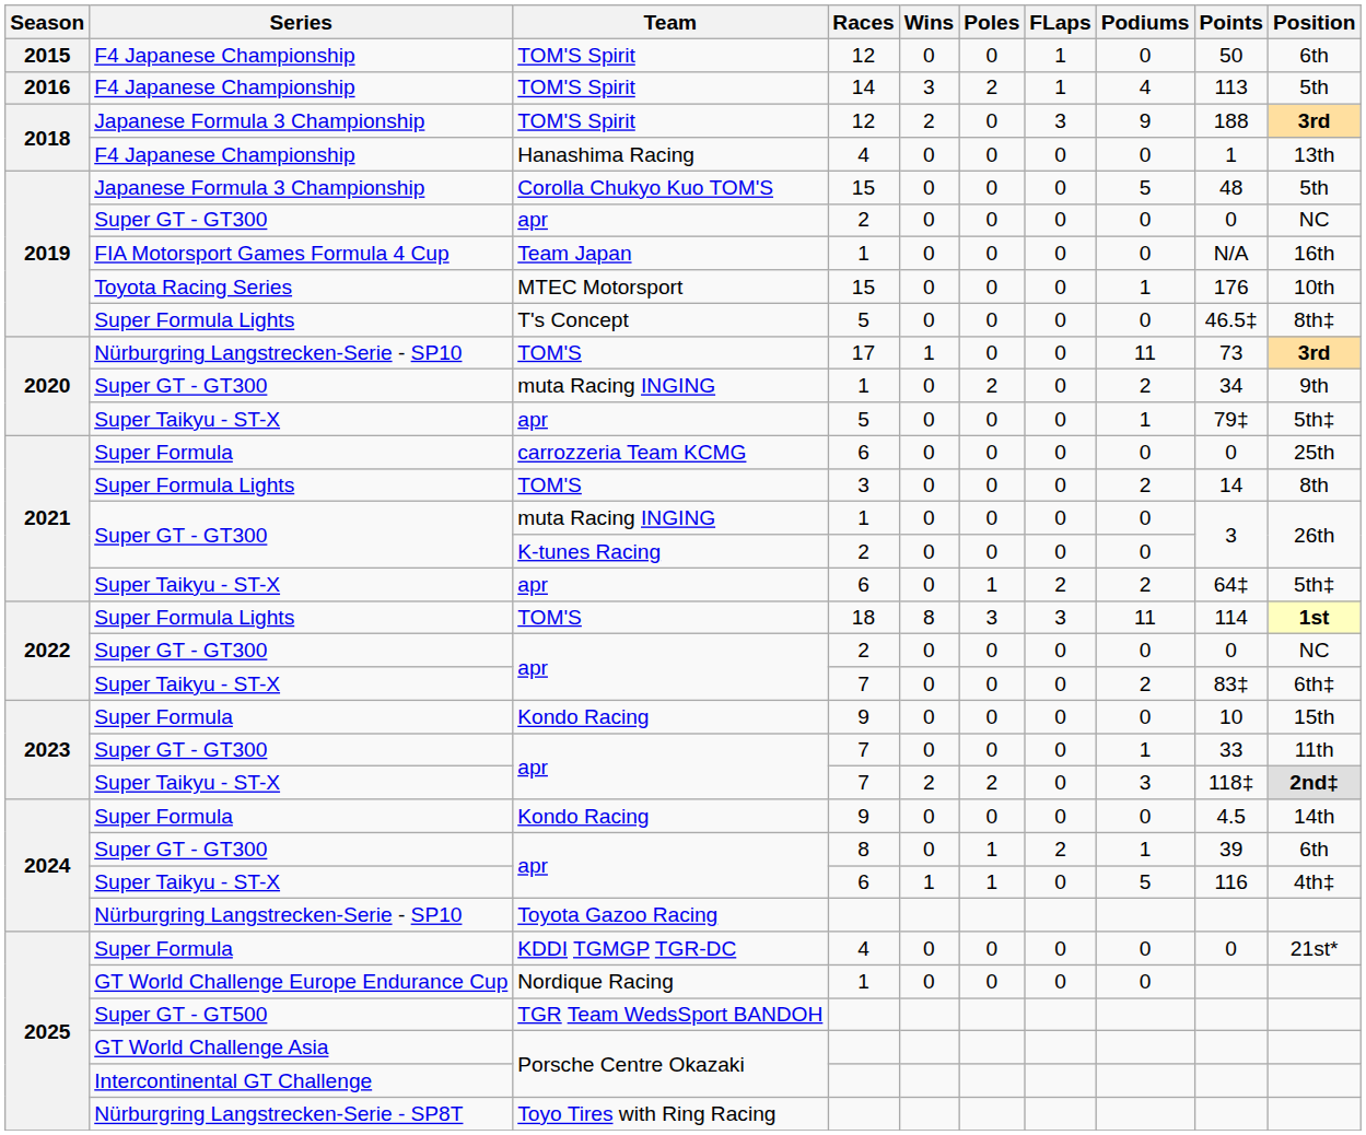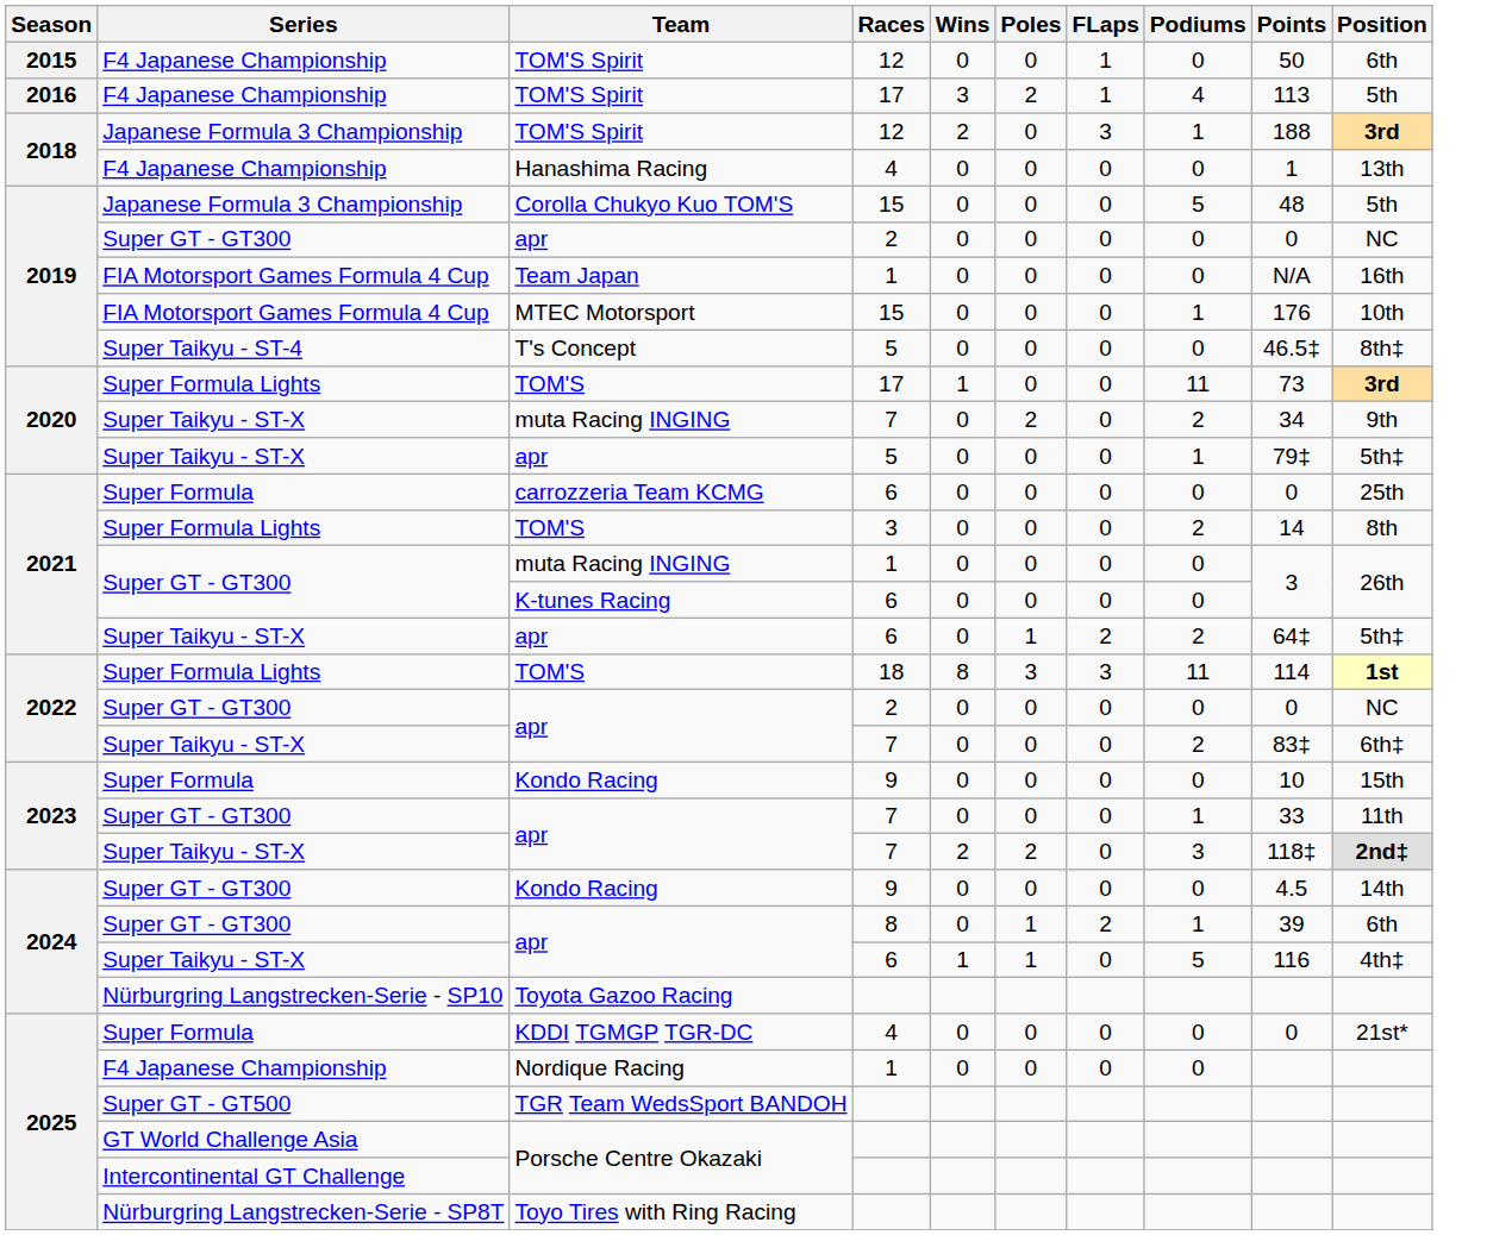 <table class="wikitable" style="font-size: 90%; text-align:center">
 <tr>
 <th>Season</th>
 <th>Series</th>
 <th>Team</th>
 <th>Races</th>
 <th>Wins</th>
 <th>Poles</th>
 <th>FLaps</th>
 <th>Podiums</th>
 <th>Points</th>
 <th>Position</th>
 </tr>
 <tr>
 <th>2015</th>
 <td align=left><a href='#'>F4 Japanese Championship</a></td>
 <td align=left><a href='#'>TOM'S Spirit</a></td>
 <td>12</td>
 <td>0</td>
 <td>0</td>
 <td>1</td>
 <td>0</td>
 <td>50</td>
 <td>6th</td>
 </tr>
 <tr>
 <th>2016</th>
 <td align=left><a href='#'>F4 Japanese Championship</a></td>
 <td align=left><a href='#'>TOM'S Spirit</a></td>
-<td>14</td>
+<td>17</td>
 <td>3</td>
 <td>2</td>
 <td>1</td>
 <td>4</td>
 <td>113</td>
 <td>5th</td>
 </tr>
 <tr>
 <th rowspan=2>2018</th>
 <td align=left><a href='#'>Japanese Formula 3 Championship</a></td>
 <td align=left><a href='#'>TOM'S Spirit</a></td>
 <td>12</td>
 <td>2</td>
 <td>0</td>
 <td>3</td>
-<td>9</td>
+<td>1</td>
 <td>188</td>
 <td style="background:#FFDF9F"><strong>3rd</strong></td>
 </tr>
 <tr>
 <td align=left><a href='#'>F4 Japanese Championship</a></td>
 <td align=left>Hanashima Racing</td>
 <td>4</td>
 <td>0</td>
 <td>0</td>
 <td>0</td>
 <td>0</td>
 <td>1</td>
 <td>13th</td>
 </tr>
 <tr>
 <th rowspan="5">2019</th>
 <td align=left nowrap><a href='#'>Japanese Formula 3 Championship</a></td>
 <td align=left><a href='#'>Corolla Chukyo Kuo TOM'S</a></td>
 <td>15</td>
 <td>0</td>
 <td>0</td>
 <td>0</td>
 <td>5</td>
 <td>48</td>
 <td>5th</td>
 </tr>
 <tr>
 <td align=left><a href='#'>Super GT - GT300</a></td>
 <td align=left><a href='#'>apr</a></td>
 <td>2</td>
 <td>0</td>
 <td>0</td>
 <td>0</td>
 <td>0</td>
 <td>0</td>
 <td>NC</td>
 </tr>
 <tr>
 <td align=left><a href='#'>FIA Motorsport Games Formula 4 Cup</a></td>
 <td align=left><a href='#'>Team Japan</a></td>
 <td>1</td>
 <td>0</td>
 <td>0</td>
 <td>0</td>
 <td>0</td>
 <td>N/A</td>
 <td>16th</td>
 </tr>
 <tr>
-<td align=left><a href='#'>Toyota Racing Series</a></td>
+<td align=left><a href='#'>FIA Motorsport Games Formula 4 Cup</a></td>
 <td align=left>MTEC Motorsport</td>
 <td>15</td>
 <td>0</td>
 <td>0</td>
 <td>0</td>
 <td>1</td>
 <td>176</td>
 <td>10th</td>
 </tr>
 <tr>
-<td align=left><a href='#'>Super Formula Lights</a></td>
+<td align=left><a href='#'>Super Taikyu - ST-4</a></td>
 <td align=left>T's Concept</td>
 <td>5</td>
 <td>0</td>
 <td>0</td>
 <td>0</td>
 <td>0</td>
 <td>46.5‡</td>
 <td>8th‡</td>
 </tr>
 <tr>
 <th rowspan="3">2020</th>
-<td align=left nowrap><a href='#'>Nürburgring Langstrecken-Serie</a> - <a href='#'>SP10</a></td>
+<td align=left><a href='#'>Super Formula Lights</a></td>
 <td align=left><a href='#'>TOM'S</a></td>
 <td>17</td>
 <td>1</td>
 <td>0</td>
 <td>0</td>
 <td>11</td>
 <td>73</td>
 <td style="background:#FFDF9F"><strong>3rd</strong></td>
 </tr>
 <tr>
-<td align=left><a href='#'>Super GT - GT300</a></td>
+<td align=left><a href='#'>Super Taikyu - ST-X</a></td>
 <td align=left>muta Racing <a href='#'>INGING</a></td>
-<td>1</td>
+<td>7</td>
 <td>0</td>
 <td>2</td>
 <td>0</td>
 <td>2</td>
 <td>34</td>
 <td>9th</td>
 </tr>
 <tr>
 <td align=left><a href='#'>Super Taikyu - ST-X</a></td>
 <td align=left><a href='#'>apr</a></td>
 <td>5</td>
 <td>0</td>
 <td>0</td>
 <td>0</td>
 <td>1</td>
 <td>79‡</td>
 <td>5th‡</td>
 </tr>
 <tr>
 <th rowspan="5">2021</th>
 <td align=left><a href='#'>Super Formula</a></td>
 <td align=left><a href='#'>carrozzeria Team KCMG</a></td>
 <td>6</td>
 <td>0</td>
 <td>0</td>
 <td>0</td>
 <td>0</td>
 <td>0</td>
 <td>25th</td>
 </tr>
 <tr>
 <td align=left><a href='#'>Super Formula Lights</a></td>
 <td align=left><a href='#'>TOM'S</a></td>
 <td>3</td>
 <td>0</td>
 <td>0</td>
 <td>0</td>
 <td>2</td>
 <td>14</td>
 <td>8th</td>
 </tr>
 <tr>
 <td rowspan=2 align=left><a href='#'>Super GT - GT300</a></td>
 <td align=left>muta Racing <a href='#'>INGING</a></td>
 <td>1</td>
 <td>0</td>
 <td>0</td>
 <td>0</td>
 <td>0</td>
 <td rowspan=2>3</td>
 <td rowspan=2>26th</td>
 </tr>
 <tr>
 <td align=left><a href='#'>K-tunes Racing</a></td>
-<td>2</td>
+<td>6</td>
 <td>0</td>
 <td>0</td>
 <td>0</td>
 <td>0</td>
 </tr>
 <tr>
 <td align=left><a href='#'>Super Taikyu - ST-X</a></td>
 <td align=left><a href='#'>apr</a></td>
 <td>6</td>
 <td>0</td>
 <td>1</td>
 <td>2</td>
 <td>2</td>
 <td>64‡</td>
 <td>5th‡</td>
 </tr>
 <tr>
 <th rowspan="3">2022</th>
 <td align=left><a href='#'>Super Formula Lights</a></td>
 <td align=left><a href='#'>TOM'S</a></td>
 <td>18</td>
 <td>8</td>
 <td>3</td>
 <td>3</td>
 <td>11</td>
 <td>114</td>
 <td style="background:#FFFFBF"><strong>1st</strong></td>
 </tr>
 <tr>
 <td align=left><a href='#'>Super GT - GT300</a></td>
 <td rowspan="2" align="left"><a href='#'>apr</a></td>
 <td>2</td>
 <td>0</td>
 <td>0</td>
 <td>0</td>
 <td>0</td>
 <td>0</td>
 <td>NC</td>
 </tr>
 <tr>
 <td align=left><a href='#'>Super Taikyu - ST-X</a></td>
 <td>7</td>
 <td>0</td>
 <td>0</td>
 <td>0</td>
 <td>2</td>
 <td>83‡</td>
 <td>6th‡</td>
 </tr>
 <tr>
 <th rowspan="3">2023</th>
 <td align=left><a href='#'>Super Formula</a></td>
 <td align=left><a href='#'>Kondo Racing</a></td>
 <td>9</td>
 <td>0</td>
 <td>0</td>
 <td>0</td>
 <td>0</td>
 <td>10</td>
 <td>15th</td>
 </tr>
 <tr>
 <td align=left><a href='#'>Super GT - GT300</a></td>
 <td rowspan="2" align="left"><a href='#'>apr</a></td>
 <td>7</td>
 <td>0</td>
 <td>0</td>
 <td>0</td>
 <td>1</td>
 <td>33</td>
 <td>11th</td>
 </tr>
 <tr>
 <td align=left><a href='#'>Super Taikyu - ST-X</a></td>
 <td>7</td>
 <td>2</td>
 <td>2</td>
 <td>0</td>
 <td>3</td>
 <td>118‡</td>
 <td style="background:#DFDFDF;"><strong>2nd‡</strong></td>
 </tr>
 <tr>
 <th rowspan="4">2024</th>
-<td align=left><a href='#'>Super Formula</a></td>
+<td align=left><a href='#'>Super GT - GT300</a></td>
 <td align=left><a href='#'>Kondo Racing</a></td>
 <td>9</td>
 <td>0</td>
 <td>0</td>
 <td>0</td>
 <td>0</td>
 <td>4.5</td>
 <td>14th</td>
 </tr>
 <tr>
 <td align=left><a href='#'>Super GT - GT300</a></td>
 <td rowspan="2" align=left><a href='#'>apr</a></td>
 <td>8</td>
 <td>0</td>
 <td>1</td>
 <td>2</td>
 <td>1</td>
 <td>39</td>
 <td>6th</td>
 </tr>
 <tr>
 <td align=left><a href='#'>Super Taikyu - ST-X</a></td>
 <td>6</td>
 <td>1</td>
 <td>1</td>
 <td>0</td>
 <td>5</td>
 <td>116</td>
 <td>4th‡</td>
 </tr>
 <tr>
 <td align=left nowrap><a href='#'>Nürburgring Langstrecken-Serie</a> - <a href='#'>SP10</a></td>
 <td align=left><a href='#'>Toyota Gazoo Racing</a></td>
 <td></td>
 <td></td>
 <td></td>
 <td></td>
 <td></td>
 <td></td>
 <td></td>
 </tr>
 <tr>
 <th rowspan="6">2025</th>
 <td align="left"><a href='#'>Super Formula</a></td>
 <td align="left"><a href='#'>KDDI</a> <a href='#'>TGMGP</a> <a href='#'>TGR-DC</a></td>
 <td>4</td>
 <td>0</td>
 <td>0</td>
 <td>0</td>
 <td>0</td>
 <td>0</td>
 <td>21st*</td>
 </tr>
 <tr>
-<td align=left><a href='#'>GT World Challenge Europe Endurance Cup</a></td>
+<td align=left><a href='#'>F4 Japanese Championship</a></td>
 <td align=left>Nordique Racing</td>
 <td>1</td>
 <td>0</td>
 <td>0</td>
 <td>0</td>
 <td>0</td>
 <td></td>
 <td></td>
 </tr>
 <tr>
 <td align="left"><a href='#'>Super GT - GT500</a></td>
 <td align="left"><a href='#'>TGR</a> <a href='#'>Team WedsSport BANDOH</a></td>
 <td></td>
 <td></td>
 <td></td>
 <td></td>
 <td></td>
 <td></td>
 <td></td>
 </tr>
 <tr>
 <td align=left><a href='#'>GT World Challenge Asia</a></td>
 <td rowspan="2" align=left>Porsche Centre Okazaki</td>
 <td></td>
 <td></td>
 <td></td>
 <td></td>
 <td></td>
 <td></td>
 <td></td>
 </tr>
 <tr>
 <td align=left><a href='#'>Intercontinental GT Challenge</a></td>
 <td></td>
 <td></td>
 <td></td>
 <td></td>
 <td></td>
 <td></td>
 <td></td>
 </tr>
 <tr>
 <td align=left><a href='#'>Nürburgring Langstrecken-Serie - SP8T</a></td>
 <td align=left><a href='#'>Toyo Tires</a> with Ring Racing</td>
 <td></td>
 <td></td>
 <td></td>
 <td></td>
 <td></td>
 <td></td>
 <td></td>
 </tr>
 <tr>
 </tr>
 </table>
